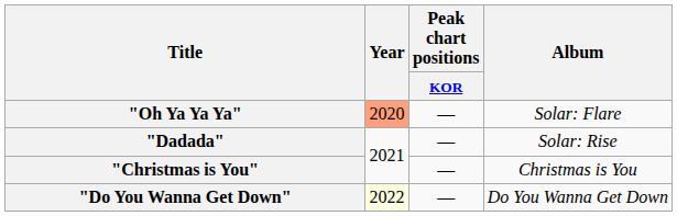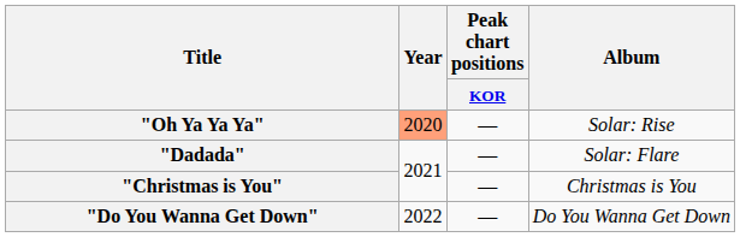 <table class="wikitable plainrowheaders" style="text-align:center;" border="1">
 <tr>
 <th scope="col" rowspan="2" style="width:20em;">Title</th>
 <th scope="col" rowspan="2">Year</th>
 <th scope="col" colspan="1">Peak chart positions</th>
 <th scope="col" rowspan="2">Album</th>
 </tr>
 <tr>
 <th style="width:2.5em;"><small><a href='#'>KOR</a></small><br></th>
 </tr>
 <tr>
 <th scope=row>"Oh Ya Ya Ya" </th>
 <td style="background: lightsalmon;">2020</td>
 <td>—</td>
-<td><em>Solar: Flare</em></td>
+<td><em>Solar: Rise</em></td>
 </tr>
 <tr>
 <th scope=row>"Dadada"</th>
 <td rowspan="2">2021</td>
 <td>—</td>
-<td><em>Solar: Rise</em></td>
+<td><em>Solar: Flare</em></td>
 </tr>
 <tr>
 <th scope=row>"Christmas is You"</th>
 <td>—</td>
 <td><em>Christmas is You</em></td>
 </tr>
 <tr>
 <th scope=row>"Do You Wanna Get Down"</th>
-<td style="background: lightyellow;">2022</td>
+<td>2022</td>
 <td>—</td>
 <td><em>Do You Wanna Get Down</em></td>
 </tr>
 </table>
